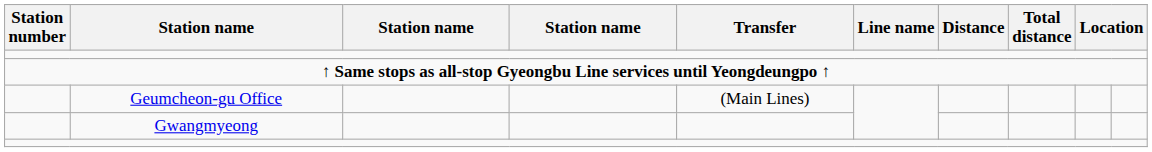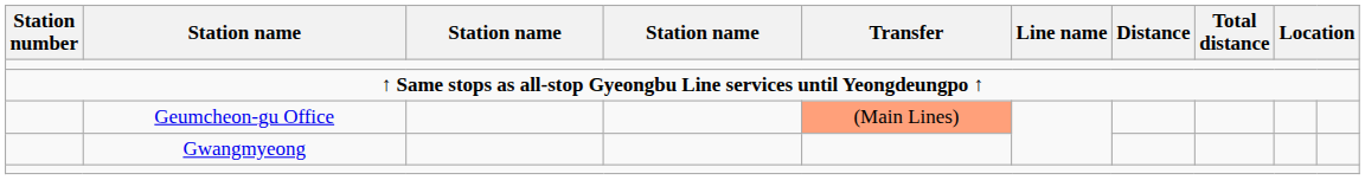 <table class="wikitable" style="text-align:center;">
 <tr>
 <th>Station<br>number</th>
 <th width="250">Station name<br></th>
 <th width="150">Station name<br></th>
 <th width="150">Station name<br></th>
 <th width="160">Transfer</th>
 <th>Line name</th>
 <th>Distance<br></th>
 <th>Total<br>distance</th>
 <th colspan = "2">Location</th>
 </tr>
 <tr style="background:#">
 <td colspan = "10"></td>
 </tr>
 <tr>
 <td colspan = "10"><strong>↑ Same stops as all-stop Gyeongbu Line services until Yeongdeungpo ↑</strong></td>
 </tr>
 <tr>
 <td></td>
 <td><a href='#'>Geumcheon-gu Office</a></td>
 <td></td>
 <td></td>
-<td> <small></small> (Main Lines)</td>
+<td style="background: lightsalmon;"> <small></small> (Main Lines)</td>
 <td rowspan = "2"></td>
 <td></td>
 <td></td>
 <td></td>
 <td></td>
 </tr>
 <tr>
 <td></td>
 <td><a href='#'>Gwangmyeong</a></td>
 <td></td>
 <td></td>
 <td></td>
 <td></td>
 <td></td>
 <td></td>
 <td></td>
 </tr>
 <tr style="background:#">
 <td colspan = "10"></td>
 </tr>
 </table>
